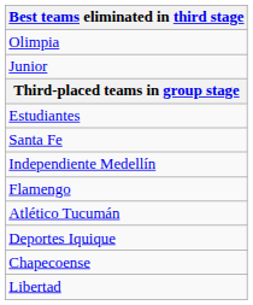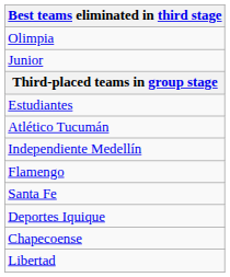 <table class="wikitable">
 <tr>
 <th><a href='#'>Best teams</a> eliminated in <a href='#'>third stage</a></th>
 </tr>
 <tr>
 <td> <a href='#'>Olimpia</a></td>
 </tr>
 <tr>
 <td> <a href='#'>Junior</a></td>
 </tr>
 <tr>
 <th>Third-placed teams in <a href='#'>group stage</a></th>
 </tr>
 <tr>
 <td> <a href='#'>Estudiantes</a></td>
 </tr>
 <tr>
-<td> <a href='#'>Santa Fe</a></td>
+<td> <a href='#'>Atlético Tucumán</a></td>
 </tr>
 <tr>
 <td> <a href='#'>Independiente Medellín</a></td>
 </tr>
 <tr>
 <td> <a href='#'>Flamengo</a></td>
 </tr>
 <tr>
-<td> <a href='#'>Atlético Tucumán</a></td>
+<td> <a href='#'>Santa Fe</a></td>
 </tr>
 <tr>
 <td> <a href='#'>Deportes Iquique</a></td>
 </tr>
 <tr>
 <td> <a href='#'>Chapecoense</a></td>
 </tr>
 <tr>
 <td> <a href='#'>Libertad</a></td>
 </tr>
 </table>
